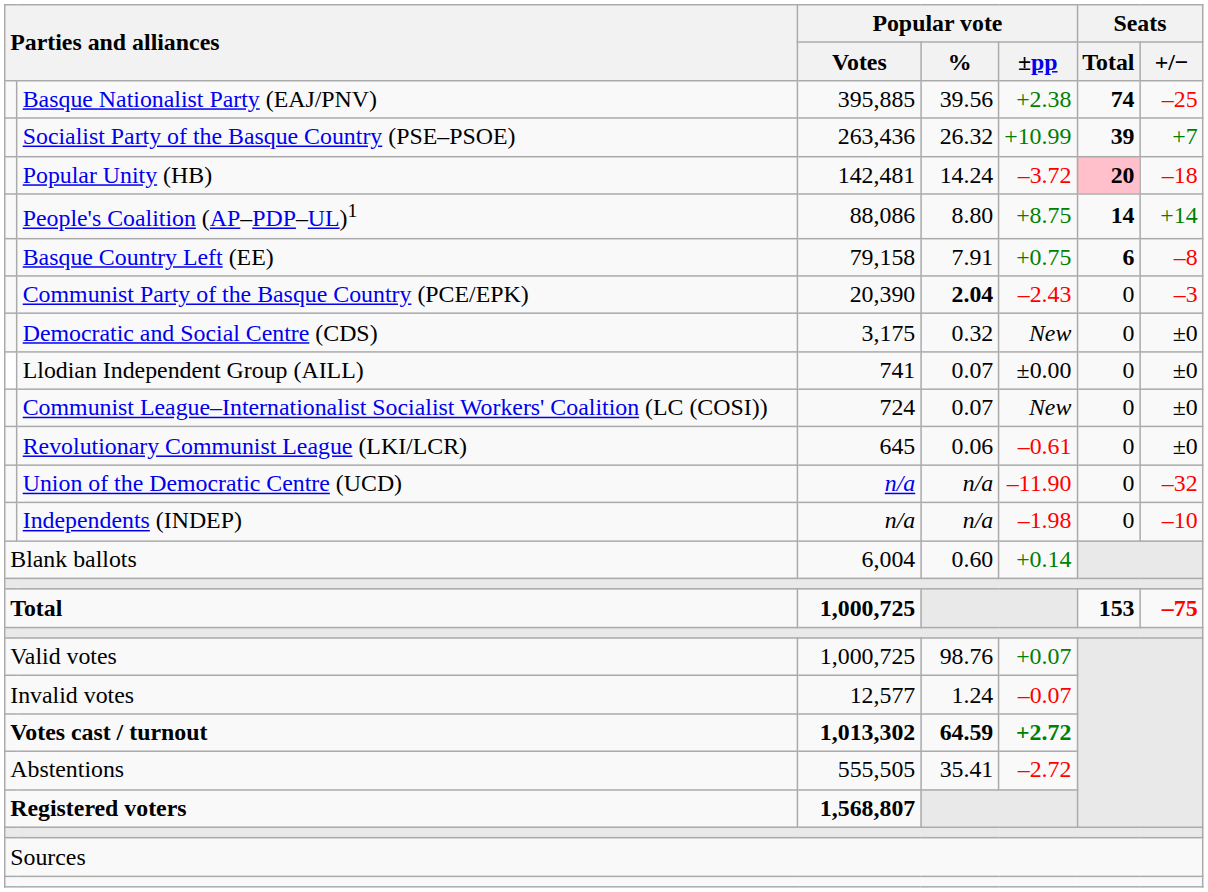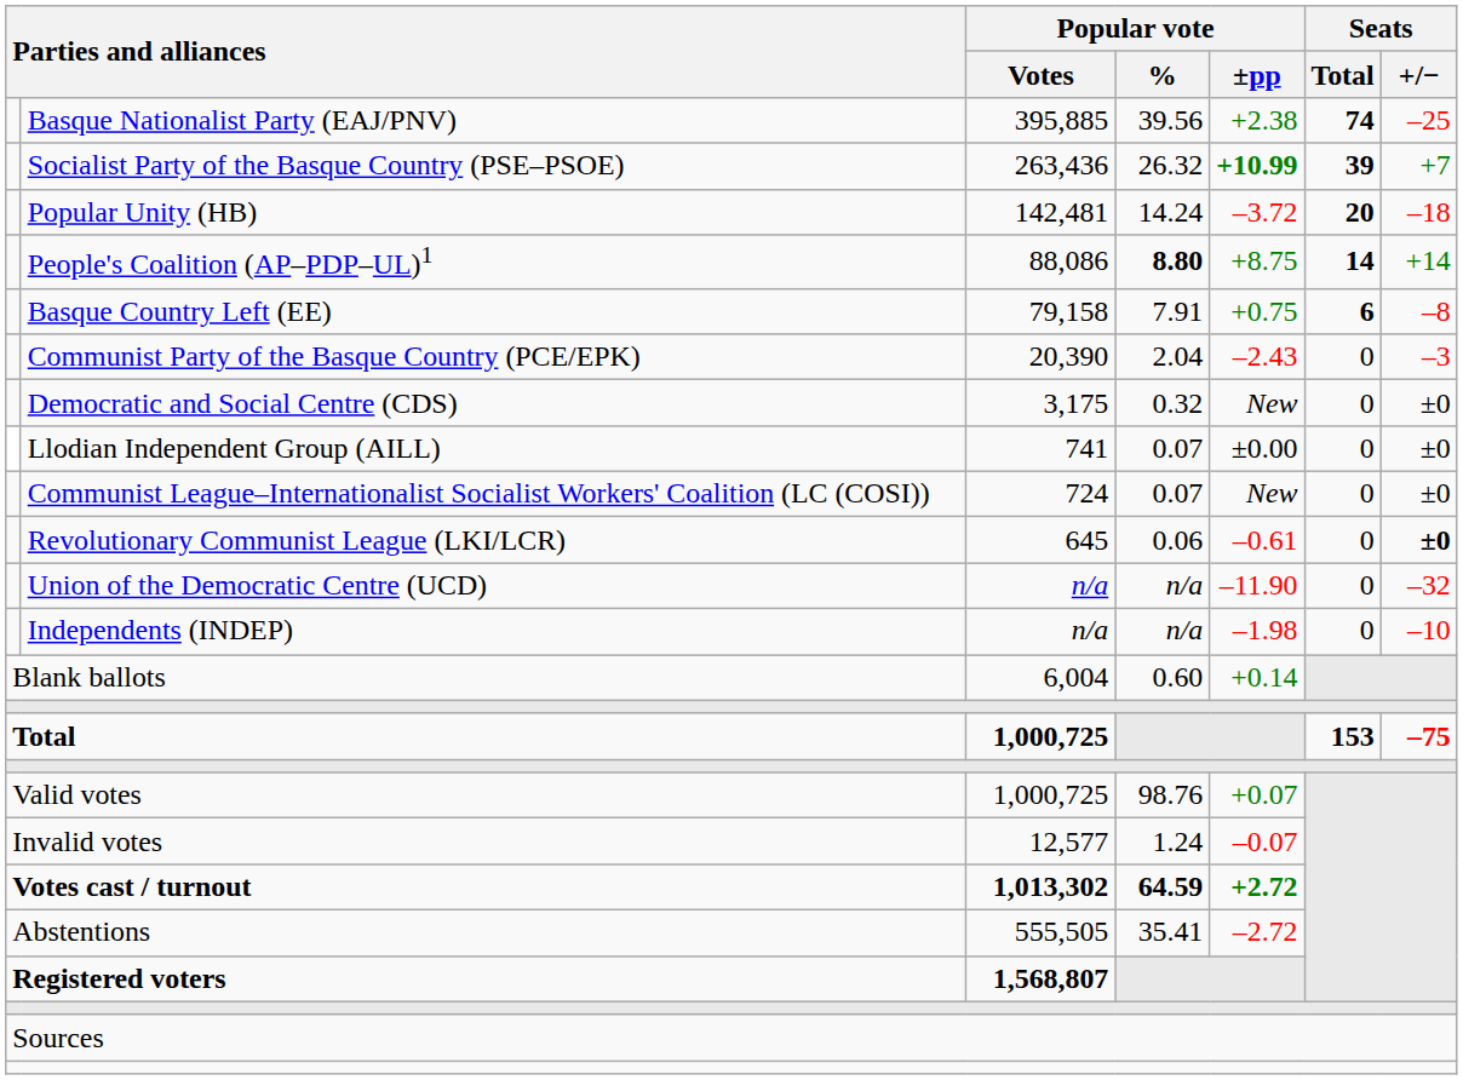 <table class="wikitable" style="text-align:right;">
 <tr>
 <th style="text-align:left;" rowspan="2" colspan="2" width="525">Parties and alliances</th>
 <th colspan="3">Popular vote</th>
 <th colspan="2">Seats</th>
 </tr>
 <tr>
 <th width="75">Votes</th>
 <th width="45">%</th>
 <th width="45">±<a href='#'>pp</a></th>
 <th width="35">Total</th>
 <th width="35">+/−</th>
 </tr>
 <tr>
 <td width="1" style="color:inherit;background:"></td>
 <td align="left"><a href='#'>Basque Nationalist Party</a> (EAJ/PNV)</td>
 <td>395,885</td>
 <td>39.56</td>
 <td style="color:green;">+2.38</td>
 <td><strong>74</strong></td>
 <td style="color:red;">–25</td>
 </tr>
 <tr>
 <td style="color:inherit;background:"></td>
 <td align="left"><a href='#'>Socialist Party of the Basque Country</a> (PSE–PSOE)</td>
 <td>263,436</td>
 <td>26.32</td>
-<td style="color:green;">+10.99</td>
+<td style="color:green;"><strong>+10.99</strong></td>
 <td><strong>39</strong></td>
 <td style="color:green;">+7</td>
 </tr>
 <tr>
 <td style="color:inherit;background:"></td>
 <td align="left"><a href='#'>Popular Unity</a> (HB)</td>
 <td>142,481</td>
 <td>14.24</td>
 <td style="color:red;">–3.72</td>
-<td style="background: pink;"><strong>20</strong></td>
+<td><strong>20</strong></td>
 <td style="color:red;">–18</td>
 </tr>
 <tr>
 <td style="color:inherit;background:"></td>
 <td align="left"><a href='#'>People's Coalition</a> (<a href='#'>AP</a>–<a href='#'>PDP</a>–<a href='#'>UL</a>)<sup>1</sup></td>
 <td>88,086</td>
-<td>8.80</td>
+<td><strong>8.80</strong></td>
 <td style="color:green;">+8.75</td>
 <td><strong>14</strong></td>
 <td style="color:green;">+14</td>
 </tr>
 <tr>
 <td style="color:inherit;background:"></td>
 <td align="left"><a href='#'>Basque Country Left</a> (EE)</td>
 <td>79,158</td>
 <td>7.91</td>
 <td style="color:green;">+0.75</td>
 <td><strong>6</strong></td>
 <td style="color:red;">–8</td>
 </tr>
 <tr>
 <td style="color:inherit;background:"></td>
 <td align="left"><a href='#'>Communist Party of the Basque Country</a> (PCE/EPK)</td>
 <td>20,390</td>
-<td><strong>2.04</strong></td>
+<td>2.04</td>
 <td style="color:red;">–2.43</td>
 <td>0</td>
 <td style="color:red;">–3</td>
 </tr>
 <tr>
 <td style="color:inherit;background:"></td>
 <td align="left"><a href='#'>Democratic and Social Centre</a> (CDS)</td>
 <td>3,175</td>
 <td>0.32</td>
 <td><em>New</em></td>
 <td>0</td>
 <td>±0</td>
 </tr>
 <tr>
 <td bgcolor="white"></td>
 <td align="left">Llodian Independent Group (AILL)</td>
 <td>741</td>
 <td>0.07</td>
 <td>±0.00</td>
 <td>0</td>
 <td>±0</td>
 </tr>
 <tr>
 <td style="color:inherit;background:"></td>
 <td align="left"><a href='#'>Communist League–Internationalist Socialist Workers' Coalition</a> (LC (COSI))</td>
 <td>724</td>
 <td>0.07</td>
 <td><em>New</em></td>
 <td>0</td>
 <td>±0</td>
 </tr>
 <tr>
 <td style="color:inherit;background:"></td>
 <td align="left"><a href='#'>Revolutionary Communist League</a> (LKI/LCR)</td>
 <td>645</td>
 <td>0.06</td>
 <td style="color:red;">–0.61</td>
 <td>0</td>
-<td>±0</td>
+<td><strong>±0</strong></td>
 </tr>
 <tr>
 <td style="color:inherit;background:"></td>
 <td align="left"><a href='#'>Union of the Democratic Centre</a> (UCD)</td>
 <td><em><a href='#'>n/a</a></em></td>
 <td><em>n/a</em></td>
 <td style="color:red;">–11.90</td>
 <td>0</td>
 <td style="color:red;">–32</td>
 </tr>
 <tr>
 <td style="color:inherit;background:"></td>
 <td align="left"><a href='#'>Independents</a> (INDEP)</td>
 <td><em>n/a</em></td>
 <td><em>n/a</em></td>
 <td style="color:red;">–1.98</td>
 <td>0</td>
 <td style="color:red;">–10</td>
 </tr>
 <tr>
 <td align="left" colspan="2">Blank ballots</td>
 <td>6,004</td>
 <td>0.60</td>
 <td style="color:green;">+0.14</td>
 <td bgcolor="#E9E9E9" colspan="2"></td>
 </tr>
 <tr>
 <td colspan="7" bgcolor="#E9E9E9"></td>
 </tr>
 <tr style="font-weight:bold;">
 <td align="left" colspan="2">Total</td>
 <td>1,000,725</td>
 <td bgcolor="#E9E9E9" colspan="2"></td>
 <td>153</td>
 <td style="color:red;">–75</td>
 </tr>
 <tr>
 <td colspan="7" bgcolor="#E9E9E9"></td>
 </tr>
 <tr>
 <td align="left" colspan="2">Valid votes</td>
 <td>1,000,725</td>
 <td>98.76</td>
 <td style="color:green;">+0.07</td>
 <td bgcolor="#E9E9E9" colspan="2" rowspan="5"></td>
 </tr>
 <tr>
 <td align="left" colspan="2">Invalid votes</td>
 <td>12,577</td>
 <td>1.24</td>
 <td style="color:red;">–0.07</td>
 </tr>
 <tr style="font-weight:bold;">
 <td align="left" colspan="2">Votes cast / turnout</td>
 <td>1,013,302</td>
 <td>64.59</td>
 <td style="color:green;">+2.72</td>
 </tr>
 <tr>
 <td align="left" colspan="2">Abstentions</td>
 <td>555,505</td>
 <td>35.41</td>
 <td style="color:red;">–2.72</td>
 </tr>
 <tr style="font-weight:bold;">
 <td align="left" colspan="2">Registered voters</td>
 <td>1,568,807</td>
 <td bgcolor="#E9E9E9" colspan="2"></td>
 </tr>
 <tr>
 <td colspan="7" bgcolor="#E9E9E9"></td>
 </tr>
 <tr>
 <td align="left" colspan="7">Sources</td>
 </tr>
 <tr>
 <td colspan="7" style="text-align:left; max-width:790px;"></td>
 </tr>
 </table>
